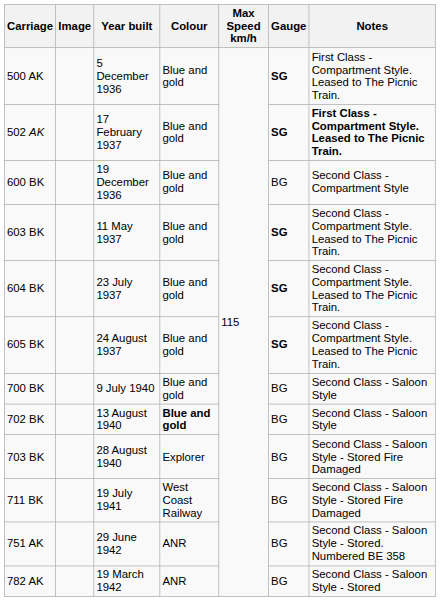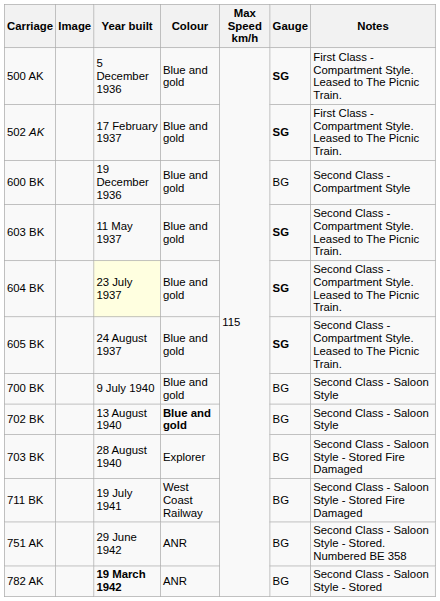 <table class="wikitable">
 <tr>
 <th>Carriage</th>
 <th>Image</th>
 <th>Year built</th>
 <th>Colour</th>
 <th>Max Speed km/h</th>
 <th>Gauge</th>
 <th>Notes</th>
 </tr>
 <tr>
 <td>500 AK</td>
 <td></td>
 <td>5 December 1936</td>
 <td>Blue and gold</td>
 <td rowspan="12">115</td>
 <td><strong>SG</strong></td>
 <td>First Class - Compartment Style.<br>Leased to The Picnic Train.</td>
 </tr>
 <tr>
 <td>502 <em>AK</em></td>
 <td></td>
 <td>17 February 1937</td>
 <td>Blue and gold</td>
 <td><strong>SG</strong></td>
-<td><strong>First Class - Compartment Style.<br>Leased to The Picnic Train.</strong></td>
+<td>First Class - Compartment Style.<br>Leased to The Picnic Train.</td>
 </tr>
 <tr>
 <td>600 BK</td>
 <td></td>
 <td>19 December 1936</td>
 <td>Blue and gold</td>
 <td>BG</td>
 <td>Second Class - Compartment Style</td>
 </tr>
 <tr>
 <td>603 BK</td>
 <td></td>
 <td>11 May 1937</td>
 <td>Blue and gold</td>
 <td><strong>SG</strong></td>
 <td>Second Class - Compartment Style.<br>Leased to The Picnic Train.</td>
 </tr>
 <tr>
 <td>604 BK</td>
 <td></td>
-<td>23 July 1937</td>
+<td style="background: lightyellow;">23 July 1937</td>
 <td>Blue and gold</td>
 <td><strong>SG</strong></td>
 <td>Second Class - Compartment Style.<br>Leased to The Picnic Train.</td>
 </tr>
 <tr>
 <td>605 BK</td>
 <td></td>
 <td>24 August 1937</td>
 <td>Blue and gold</td>
 <td><strong>SG</strong></td>
 <td>Second Class - Compartment Style. Leased to The Picnic Train.</td>
 </tr>
 <tr>
 <td>700 BK</td>
 <td></td>
 <td>9 July 1940</td>
 <td>Blue and gold</td>
 <td>BG</td>
 <td>Second Class - Saloon Style</td>
 </tr>
 <tr>
 <td>702 BK</td>
 <td></td>
 <td>13 August 1940</td>
 <td><strong>Blue and gold</strong></td>
 <td>BG</td>
 <td>Second Class - Saloon Style</td>
 </tr>
 <tr>
 <td>703 BK</td>
 <td></td>
 <td>28 August 1940</td>
 <td>Explorer</td>
 <td>BG</td>
 <td>Second Class - Saloon Style - Stored Fire Damaged</td>
 </tr>
 <tr>
 <td>711 BK</td>
 <td></td>
 <td>19 July 1941</td>
 <td>West Coast Railway</td>
 <td>BG</td>
 <td>Second Class - Saloon Style - Stored Fire Damaged</td>
 </tr>
 <tr>
 <td>751 AK</td>
 <td></td>
 <td>29 June 1942</td>
 <td>ANR</td>
 <td>BG</td>
 <td>Second Class - Saloon Style - Stored. Numbered BE 358</td>
 </tr>
 <tr>
 <td>782 AK</td>
 <td></td>
-<td>19 March 1942</td>
+<td><strong>19 March 1942</strong></td>
 <td>ANR</td>
 <td>BG</td>
 <td>Second Class - Saloon Style - Stored</td>
 </tr>
 </table>
